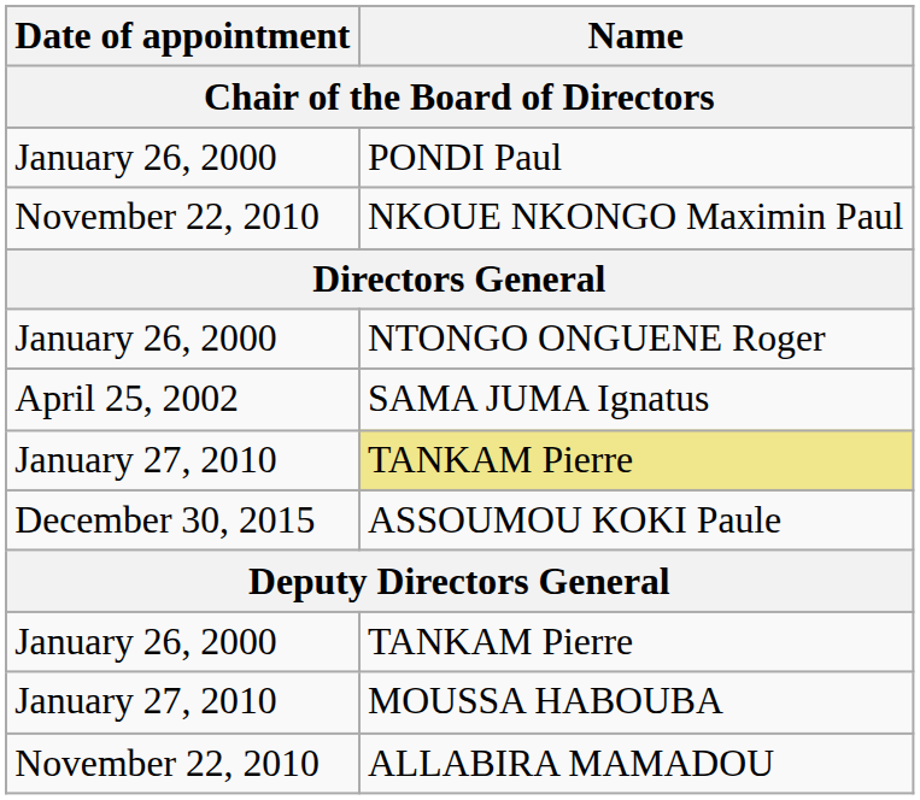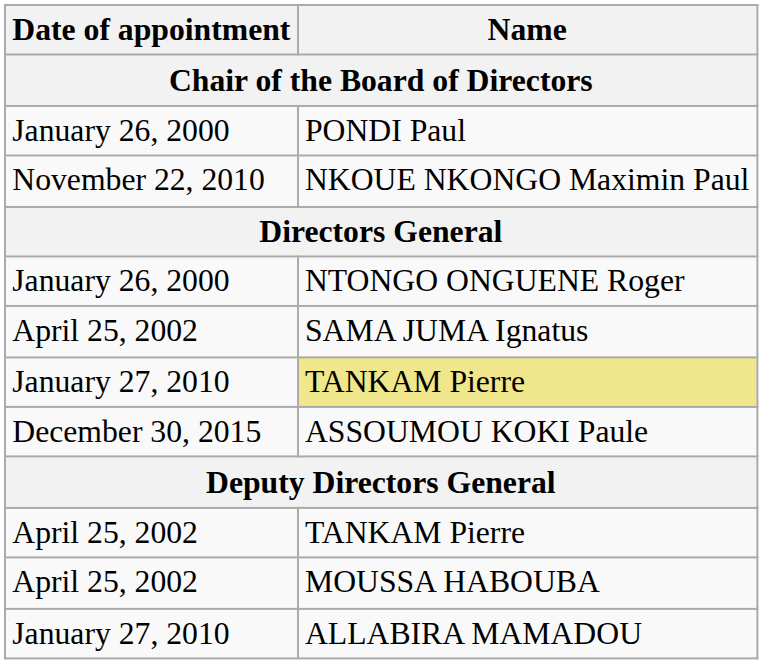 <table class="wikitable">
 <tr>
 <th><strong>Date of appointment</strong></th>
 <th><strong>Name</strong></th>
 </tr>
 <tr>
 <th colspan="2"><strong>Chair of the Board of Directors</strong></th>
 </tr>
 <tr>
 <td>January 26, 2000</td>
 <td>PONDI Paul</td>
 </tr>
 <tr>
 <td>November 22, 2010</td>
 <td>NKOUE NKONGO Maximin Paul</td>
 </tr>
 <tr>
 <th colspan="2">Directors General</th>
 </tr>
 <tr>
 <td>January 26, 2000</td>
 <td>NTONGO ONGUENE Roger</td>
 </tr>
 <tr>
 <td>April 25, 2002</td>
 <td>SAMA JUMA Ignatus</td>
 </tr>
 <tr>
 <td>January 27, 2010</td>
 <td style="background: khaki;">TANKAM Pierre</td>
 </tr>
 <tr>
 <td>December 30, 2015</td>
 <td>ASSOUMOU KOKI Paule</td>
 </tr>
 <tr>
 <th colspan="2">Deputy Directors General</th>
 </tr>
 <tr>
-<td>January 26, 2000</td>
+<td>April 25, 2002</td>
 <td>TANKAM Pierre</td>
 </tr>
 <tr>
-<td>January 27, 2010</td>
+<td>April 25, 2002</td>
 <td>MOUSSA HABOUBA</td>
 </tr>
 <tr>
-<td>November 22, 2010</td>
+<td>January 27, 2010</td>
 <td>ALLABIRA MAMADOU</td>
 </tr>
 </table>
